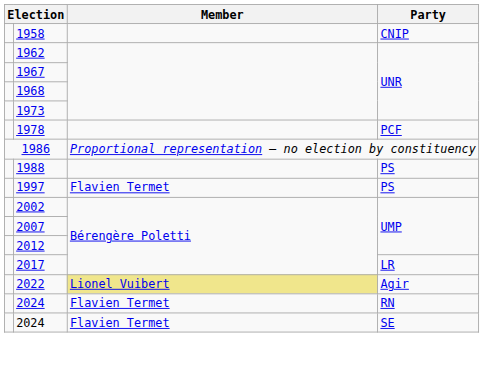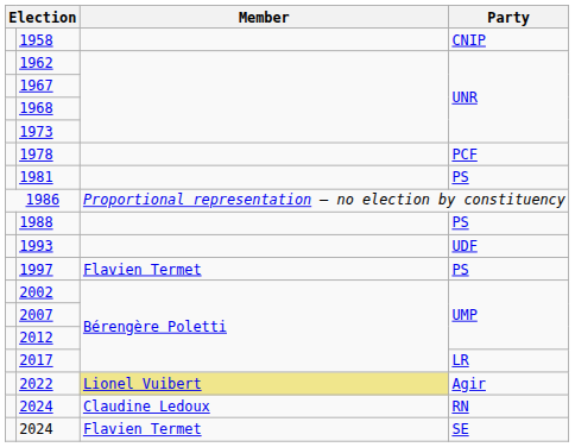 <table class="wikitable">
 <tr>
 <th colspan="2">Election</th>
 <th>Member</th>
 <th>Party</th>
 </tr>
 <tr>
 <td style="color:inherit;background-color: "></td>
 <td><a href='#'>1958</a></td>
 <td></td>
 <td><a href='#'>CNIP</a></td>
 </tr>
 <tr>
 <td style="color:inherit;background-color: "></td>
 <td><a href='#'>1962</a></td>
 <td rowspan="4"></td>
 <td rowspan="4"><a href='#'>UNR</a></td>
 </tr>
 <tr>
 <td style="color:inherit;background-color: "></td>
 <td><a href='#'>1967</a></td>
 </tr>
 <tr>
 <td style="color:inherit;background-color: "></td>
 <td><a href='#'>1968</a></td>
 </tr>
 <tr>
 <td style="color:inherit;background-color: "></td>
 <td><a href='#'>1973</a></td>
 </tr>
 <tr>
 <td style="color:inherit;background-color: "></td>
 <td><a href='#'>1978</a></td>
 <td></td>
 <td><a href='#'>PCF</a></td>
 </tr>
 <tr>
+<td style="color:inherit;background-color: "></td>
+<td><a href='#'>1981</a></td>
+<td></td>
+<td><a href='#'>PS</a></td>
+</tr>
+<tr>
 <td colspan="2" align="center"><a href='#'>1986</a></td>
 <td colspan="2"><em><a href='#'>Proportional representation</a> – no election by constituency</em></td>
 </tr>
 <tr>
 <td style="color:inherit;background-color: "></td>
 <td><a href='#'>1988</a></td>
 <td></td>
 <td><a href='#'>PS</a></td>
+</tr>
+<tr>
+<td style="color:inherit;background-color: "></td>
+<td><a href='#'>1993</a></td>
+<td></td>
+<td><a href='#'>UDF</a></td>
 </tr>
 <tr>
 <td style="color:inherit;background-color: "></td>
 <td><a href='#'>1997</a></td>
 <td><a href='#'>Flavien Termet</a></td>
 <td><a href='#'>PS</a></td>
 </tr>
 <tr>
 <td style="color:inherit;background-color: "></td>
 <td><a href='#'>2002</a></td>
 <td rowspan="4"><a href='#'>Bérengère Poletti</a></td>
 <td rowspan="3"><a href='#'>UMP</a></td>
 </tr>
 <tr>
 <td style="color:inherit;background-color: "></td>
 <td><a href='#'>2007</a></td>
 </tr>
 <tr>
 <td style="color:inherit;background-color: "></td>
 <td><a href='#'>2012</a></td>
 </tr>
 <tr>
 <td style="color:inherit;background-color: "></td>
 <td><a href='#'>2017</a></td>
 <td><a href='#'>LR</a></td>
 </tr>
 <tr>
 <td style="color:inherit;background-color: "></td>
 <td><a href='#'>2022</a></td>
 <td style="background: khaki;"><a href='#'>Lionel Vuibert</a></td>
 <td><a href='#'>Agir</a></td>
 </tr>
 <tr>
 <td style="color:inherit;background-color: "></td>
 <td><a href='#'>2024</a></td>
-<td><a href='#'>Flavien Termet</a></td>
+<td><a href='#'>Claudine Ledoux</a></td>
 <td><a href='#'>RN</a></td>
 </tr>
 <tr>
 <td style="color:inherit;background-color: "></td>
 <td>2024</td>
 <td><a href='#'>Flavien Termet</a></td>
 <td><a href='#'>SE</a></td>
 </tr>
 </table>
